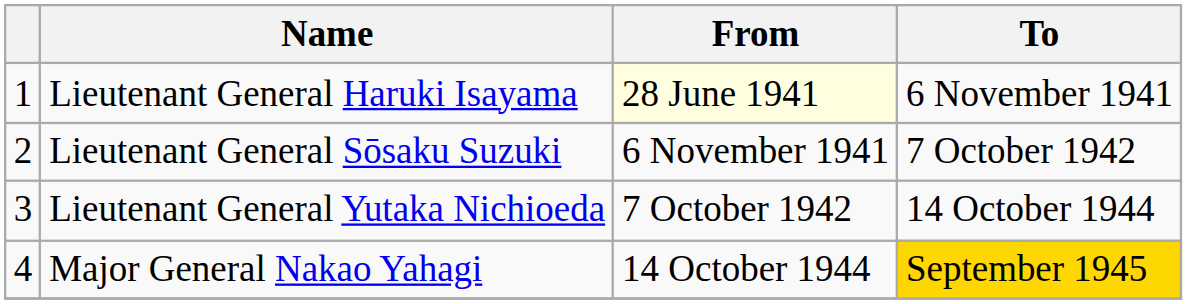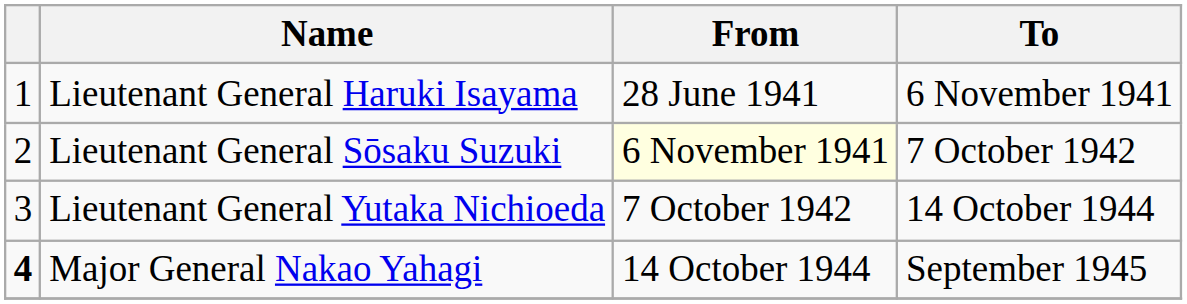 <table class=wikitable>
 <tr>
 <th></th>
 <th>Name</th>
 <th>From</th>
 <th>To</th>
 </tr>
 <tr>
 <td>1</td>
 <td>Lieutenant General <a href='#'>Haruki Isayama</a></td>
-<td style="background: lightyellow;">28 June 1941</td>
+<td>28 June 1941</td>
 <td>6 November 1941</td>
 </tr>
 <tr>
 <td>2</td>
 <td>Lieutenant General <a href='#'>Sōsaku Suzuki</a></td>
-<td>6 November 1941</td>
+<td style="background: lightyellow;">6 November 1941</td>
 <td>7 October 1942</td>
 </tr>
 <tr>
 <td>3</td>
 <td>Lieutenant General <a href='#'>Yutaka Nichioeda</a></td>
 <td>7 October 1942</td>
 <td>14 October 1944</td>
 </tr>
 <tr>
-<td>4</td>
+<td><strong>4</strong></td>
 <td>Major General <a href='#'>Nakao Yahagi</a></td>
 <td>14 October 1944</td>
-<td style="background: gold;">September 1945</td>
+<td>September 1945</td>
 </tr>
 <tr>
 </tr>
 </table>
